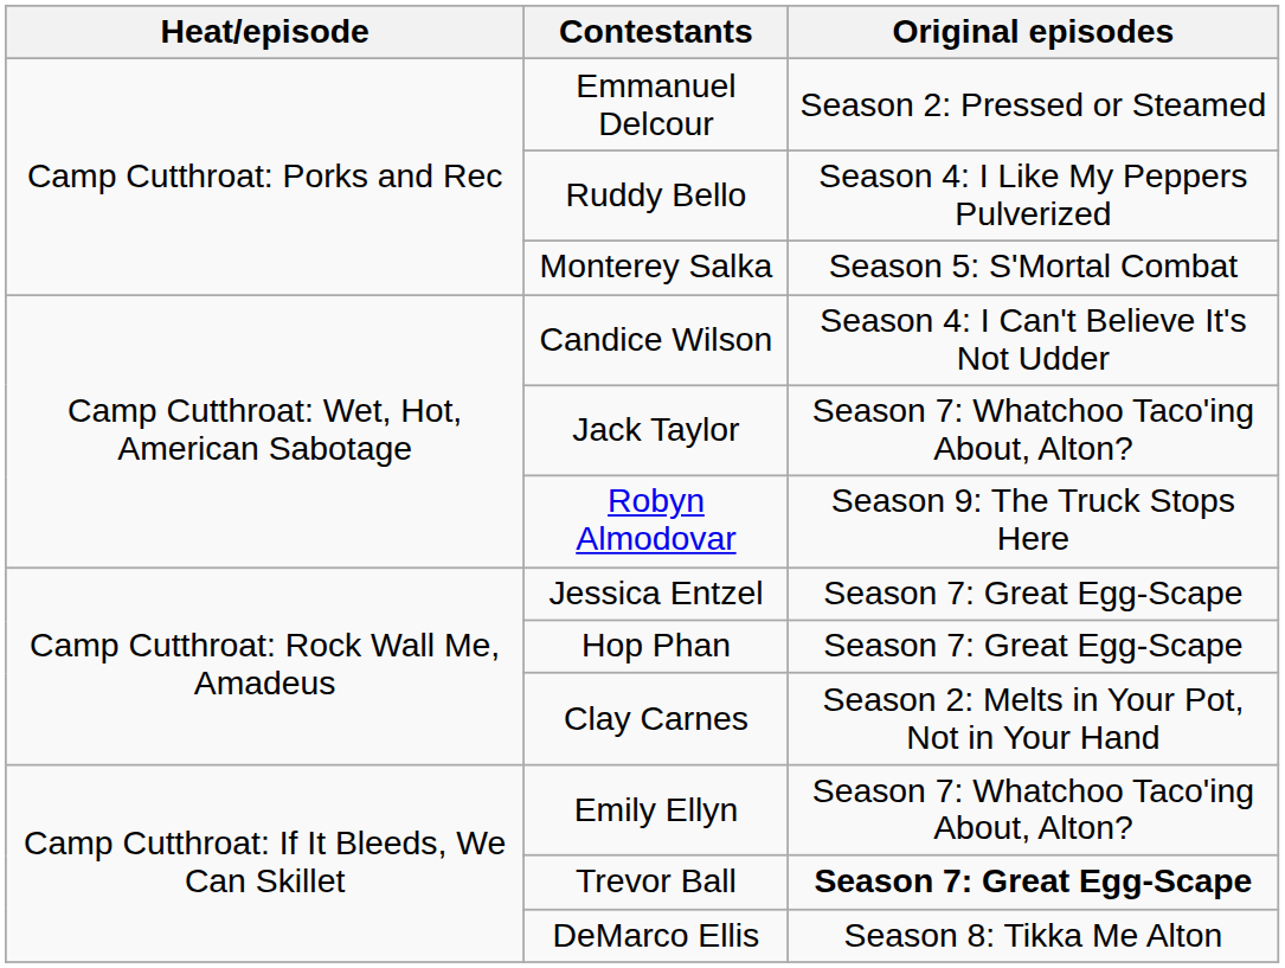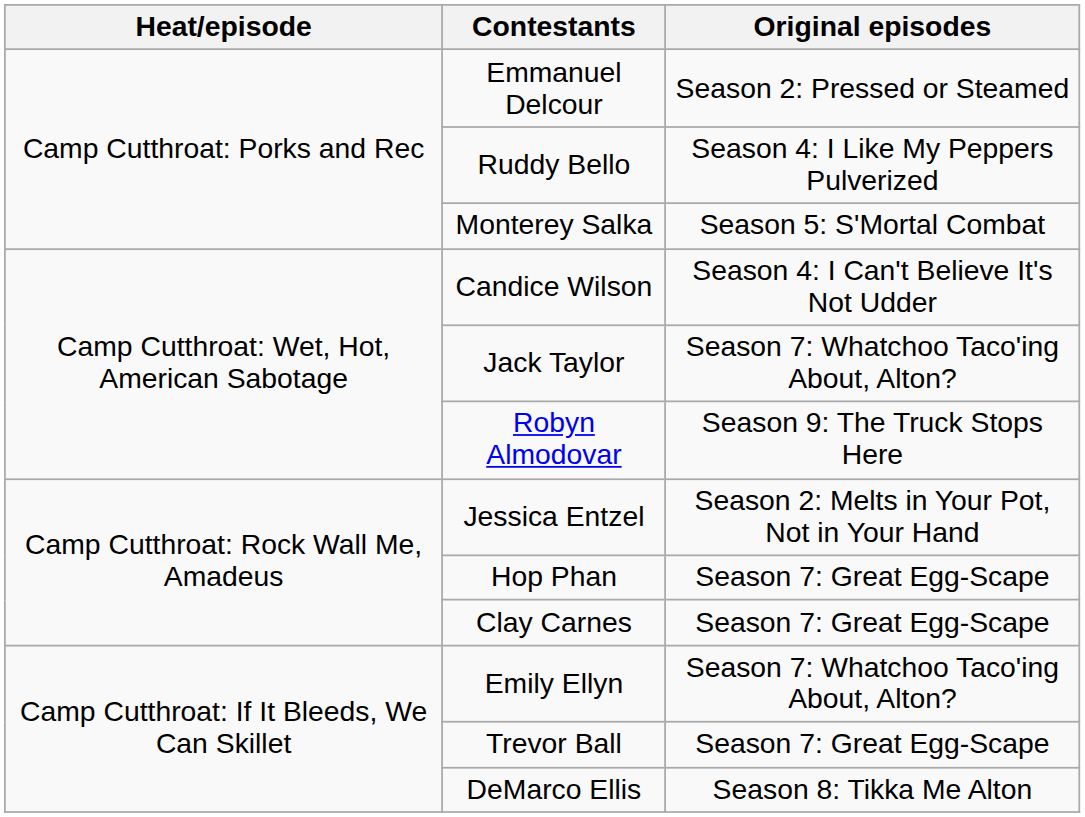 <table class="wikitable" style="text-align:center">
 <tr>
 <th>Heat/episode</th>
 <th>Contestants</th>
 <th>Original episodes</th>
 </tr>
 <tr>
 <td rowspan="3">Camp Cutthroat: Porks and Rec</td>
 <td>Emmanuel Delcour</td>
 <td>Season 2: Pressed or Steamed</td>
 </tr>
 <tr>
 <td>Ruddy Bello</td>
 <td>Season 4: I Like My Peppers Pulverized</td>
 </tr>
 <tr>
 <td>Monterey Salka</td>
 <td>Season 5: S'Mortal Combat</td>
 </tr>
 <tr>
 <td rowspan="3">Camp Cutthroat: Wet, Hot, American Sabotage</td>
 <td>Candice Wilson</td>
 <td>Season 4: I Can't Believe It's Not Udder</td>
 </tr>
 <tr>
 <td>Jack Taylor</td>
 <td>Season 7: Whatchoo Taco'ing About, Alton?</td>
 </tr>
 <tr>
 <td><a href='#'>Robyn Almodovar</a></td>
 <td>Season 9: The Truck Stops Here</td>
 </tr>
 <tr>
 <td rowspan="3">Camp Cutthroat: Rock Wall Me, Amadeus</td>
 <td>Jessica Entzel</td>
-<td>Season 7: Great Egg-Scape</td>
+<td>Season 2: Melts in Your Pot, Not in Your Hand</td>
 </tr>
 <tr>
 <td>Hop Phan</td>
 <td>Season 7: Great Egg-Scape</td>
 </tr>
 <tr>
 <td>Clay Carnes</td>
-<td>Season 2: Melts in Your Pot, Not in Your Hand</td>
+<td>Season 7: Great Egg-Scape</td>
 </tr>
 <tr>
 <td rowspan="3">Camp Cutthroat: If It Bleeds, We Can Skillet</td>
 <td>Emily Ellyn</td>
 <td>Season 7: Whatchoo Taco'ing About, Alton?</td>
 </tr>
 <tr>
 <td>Trevor Ball</td>
-<td><strong>Season 7: Great Egg-Scape</strong></td>
+<td>Season 7: Great Egg-Scape</td>
 </tr>
 <tr>
 <td>DeMarco Ellis</td>
 <td>Season 8: Tikka Me Alton</td>
 </tr>
 </table>
